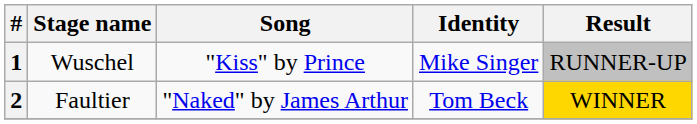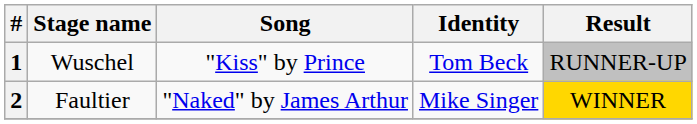 <table class="wikitable plainrowheaders" style="text-align: center;">
 <tr>
 <th>#</th>
 <th>Stage name</th>
 <th>Song</th>
 <th>Identity</th>
 <th>Result</th>
 </tr>
 <tr>
 <th>1</th>
 <td>Wuschel</td>
 <td>"<a href='#'>Kiss</a>" by <a href='#'>Prince</a></td>
-<td><a href='#'>Mike Singer</a></td>
+<td><a href='#'>Tom Beck</a></td>
 <td bgcolor=silver>RUNNER-UP</td>
 </tr>
 <tr>
 <th>2</th>
 <td>Faultier</td>
 <td>"<a href='#'>Naked</a>" by <a href='#'>James Arthur</a></td>
-<td><a href='#'>Tom Beck</a></td>
+<td><a href='#'>Mike Singer</a></td>
 <td bgcolor=gold>WINNER</td>
 </tr>
 <tr>
 </tr>
 </table>
